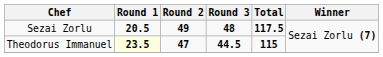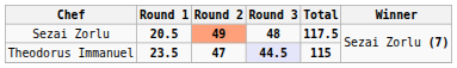 <table class="wikitable"  style="float:left; margin:auto; text-align:center;">
 <tr>
 <th>Chef</th>
 <th>Round 1</th>
 <th>Round 2</th>
 <th>Round 3</th>
 <th>Total</th>
 <th>Winner</th>
 </tr>
 <tr>
 <td>Sezai Zorlu</td>
 <td><strong>20.5</strong></td>
-<td><strong>49</strong></td>
+<td style="background: lightsalmon;"><strong>49</strong></td>
 <td><strong>48</strong></td>
 <td><strong>117.5</strong></td>
 <td rowspan=2>Sezai Zorlu <strong>(7)</strong></td>
 </tr>
 <tr>
 <td>Theodorus Immanuel</td>
-<td style="background: lightyellow;"><strong>23.5</strong></td>
+<td><strong>23.5</strong></td>
 <td><strong>47</strong></td>
-<td><strong>44.5</strong></td>
+<td style="background: lavender;"><strong>44.5</strong></td>
 <td><strong>115</strong></td>
 </tr>
 <tr>
 </tr>
 </table>
